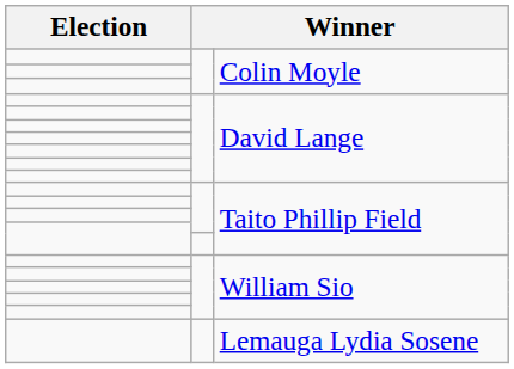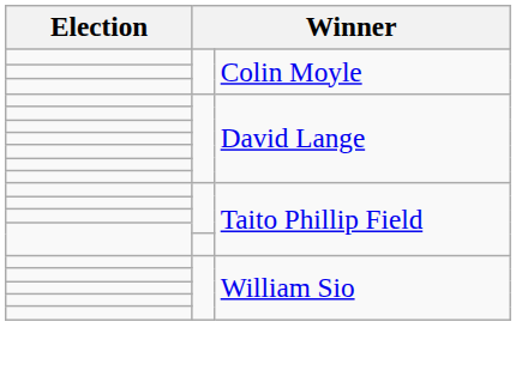 <table class="wikitable">
 <tr>
 <th width=100>Election</th>
 <th style="width:175px;" colspan="2">Winner</th>
 </tr>
 <tr>
 <td></td>
 <td rowspan="3" width=5 bgcolor=></td>
 <td rowspan="3"><a href='#'>Colin Moyle</a></td>
 </tr>
 <tr>
 <td></td>
 </tr>
 <tr>
 <td></td>
 </tr>
 <tr>
 <td></td>
 <td rowspan="7" bgcolor=></td>
 <td rowspan="7"><a href='#'>David Lange</a></td>
 </tr>
 <tr>
 <td></td>
 </tr>
 <tr>
 <td></td>
 </tr>
 <tr>
 <td></td>
 </tr>
 <tr>
 <td></td>
 </tr>
 <tr>
 <td></td>
 </tr>
 <tr>
 <td></td>
 </tr>
 <tr>
 <td></td>
 <td rowspan=3 style="border-bottom:solid 0 grey; background:"></td>
 <td rowspan="5"><a href='#'>Taito Phillip Field</a></td>
 </tr>
 <tr>
 <td></td>
 </tr>
 <tr>
 <td></td>
 </tr>
 <tr>
 <td rowspan=2></td>
 <td style="border-top:solid 0 grey; background:"></td>
 </tr>
 <tr>
 <td height=5 style="border-top:solid 0 grey; background:"></td>
 </tr>
 <tr>
 <td></td>
 <td rowspan="5" bgcolor=></td>
 <td rowspan="5"><a href='#'>William Sio</a></td>
 </tr>
 <tr>
 <td></td>
 </tr>
 <tr>
 <td></td>
 </tr>
 <tr>
 <td></td>
 </tr>
 <tr>
 <td></td>
 </tr>
-<tr>
-<td></td>
-<td bgcolor=></td>
-<td><a href='#'>Lemauga Lydia Sosene</a></td>
-</tr>
 </table>
